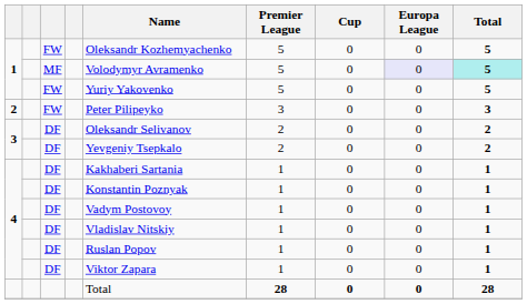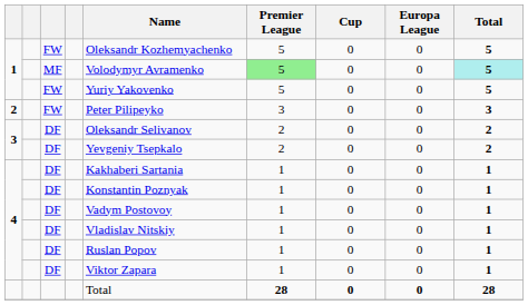 <table class="wikitable" style="text-align:center">
 <tr>
 <th width=15></th>
 <th width=15></th>
 <th width=15></th>
 <th width=15></th>
 <th width=200>Name</th>
 <th width=80><strong>Premier League</strong></th>
 <th width=80><strong>Cup</strong></th>
 <th width=80><strong>Europa League</strong></th>
 <th width=80>Total</th>
 </tr>
 <tr>
 <td rowspan=3><strong>1</strong></td>
 <td></td>
 <td><a href='#'>FW</a></td>
 <td></td>
 <td align=left><a href='#'>Oleksandr Kozhemyachenko</a></td>
 <td>5</td>
 <td>0</td>
 <td>0</td>
 <td><strong>5</strong></td>
 </tr>
 <tr>
 <td></td>
 <td><a href='#'>MF</a></td>
 <td></td>
 <td align=left><a href='#'>Volodymyr Avramenko</a></td>
-<td>5</td>
+<td style="background: lightgreen;">5</td>
 <td>0</td>
-<td style="background: lavender;">0</td>
+<td>0</td>
 <td style="background: paleturquoise;"><strong>5</strong></td>
 </tr>
 <tr>
 <td></td>
 <td><a href='#'>FW</a></td>
 <td></td>
 <td align=left><a href='#'>Yuriy Yakovenko</a></td>
 <td>5</td>
 <td>0</td>
 <td>0</td>
 <td><strong>5</strong></td>
 </tr>
 <tr>
 <td><strong>2</strong></td>
 <td></td>
 <td><a href='#'>FW</a></td>
 <td></td>
 <td align=left><a href='#'>Peter Pilipeyko</a></td>
 <td>3</td>
 <td>0</td>
 <td>0</td>
 <td><strong>3</strong></td>
 </tr>
 <tr>
 <td rowspan=2><strong>3</strong></td>
 <td></td>
 <td><a href='#'>DF</a></td>
 <td></td>
 <td align=left><a href='#'>Oleksandr Selivanov</a></td>
 <td>2</td>
 <td>0</td>
 <td>0</td>
 <td><strong>2</strong></td>
 </tr>
 <tr>
 <td></td>
 <td><a href='#'>DF</a></td>
 <td></td>
 <td align=left><a href='#'>Yevgeniy Tsepkalo</a></td>
 <td>2</td>
 <td>0</td>
 <td>0</td>
 <td><strong>2</strong></td>
 </tr>
 <tr>
 <td rowspan=6><strong>4</strong></td>
 <td></td>
 <td><a href='#'>DF</a></td>
 <td></td>
 <td align=left><a href='#'>Kakhaberi Sartania</a></td>
 <td>1</td>
 <td>0</td>
 <td>0</td>
 <td><strong>1</strong></td>
 </tr>
 <tr>
 <td></td>
 <td><a href='#'>DF</a></td>
 <td></td>
 <td align=left><a href='#'>Konstantin Poznyak</a></td>
 <td>1</td>
 <td>0</td>
 <td>0</td>
 <td><strong>1</strong></td>
 </tr>
 <tr>
 <td></td>
 <td><a href='#'>DF</a></td>
 <td></td>
 <td align=left><a href='#'>Vadym Postovoy</a></td>
 <td>1</td>
 <td>0</td>
 <td>0</td>
 <td><strong>1</strong></td>
 </tr>
 <tr>
 <td></td>
 <td><a href='#'>DF</a></td>
 <td></td>
 <td align=left><a href='#'>Vladislav Nitskiy</a></td>
 <td>1</td>
 <td>0</td>
 <td>0</td>
 <td><strong>1</strong></td>
 </tr>
 <tr>
 <td></td>
 <td><a href='#'>DF</a></td>
 <td></td>
 <td align=left><a href='#'>Ruslan Popov</a></td>
 <td>1</td>
 <td>0</td>
 <td>0</td>
 <td><strong>1</strong></td>
 </tr>
 <tr>
 <td></td>
 <td><a href='#'>DF</a></td>
 <td></td>
 <td align=left><a href='#'>Viktor Zapara</a></td>
 <td>1</td>
 <td>0</td>
 <td>0</td>
 <td><strong>1</strong></td>
 </tr>
 <tr>
 <td></td>
 <td></td>
 <td></td>
 <td></td>
 <td align=left>Total</td>
 <td><strong>28</strong></td>
 <td><strong>0</strong></td>
 <td><strong>0</strong></td>
 <td><strong>28</strong></td>
 </tr>
 <tr>
 </tr>
 </table>
